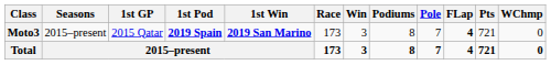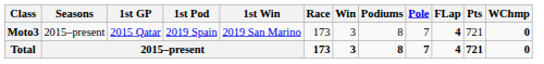 <table class="wikitable" style=text-align:right>
 <tr>
 <th>Class</th>
 <th>Seasons</th>
 <th>1st GP</th>
 <th>1st Pod</th>
 <th>1st Win</th>
 <th>Race</th>
 <th>Win</th>
 <th>Podiums</th>
 <th><a href='#'>Pole</a></th>
 <th>FLap</th>
 <th>Pts</th>
 <th>WChmp</th>
 </tr>
 <tr>
 <th>Moto3</th>
 <td>2015–present</td>
 <td align=left><a href='#'>2015 Qatar</a></td>
-<td align=left><strong><a href='#'>2019 Spain</a></strong></td>
-<td align=left><strong><a href='#'>2019 San Marino</a></strong></td>
+<td align=left><a href='#'>2019 Spain</a></td>
+<td align=left><a href='#'>2019 San Marino</a></td>
 <td>173</td>
 <td>3</td>
 <td>8</td>
 <td>7</td>
 <td><strong>4</strong></td>
 <td>721</td>
-<td>0</td>
+<td><strong>0</strong></td>
 </tr>
 <tr>
 <th>Total</th>
 <th colspan=4>2015–present</th>
 <td><strong>173</strong></td>
 <td><strong>3</strong></td>
 <td><strong>8</strong></td>
 <td><strong>7</strong></td>
 <td><strong>4</strong></td>
 <td><strong>721</strong></td>
 <td><strong>0</strong></td>
 </tr>
 </table>
